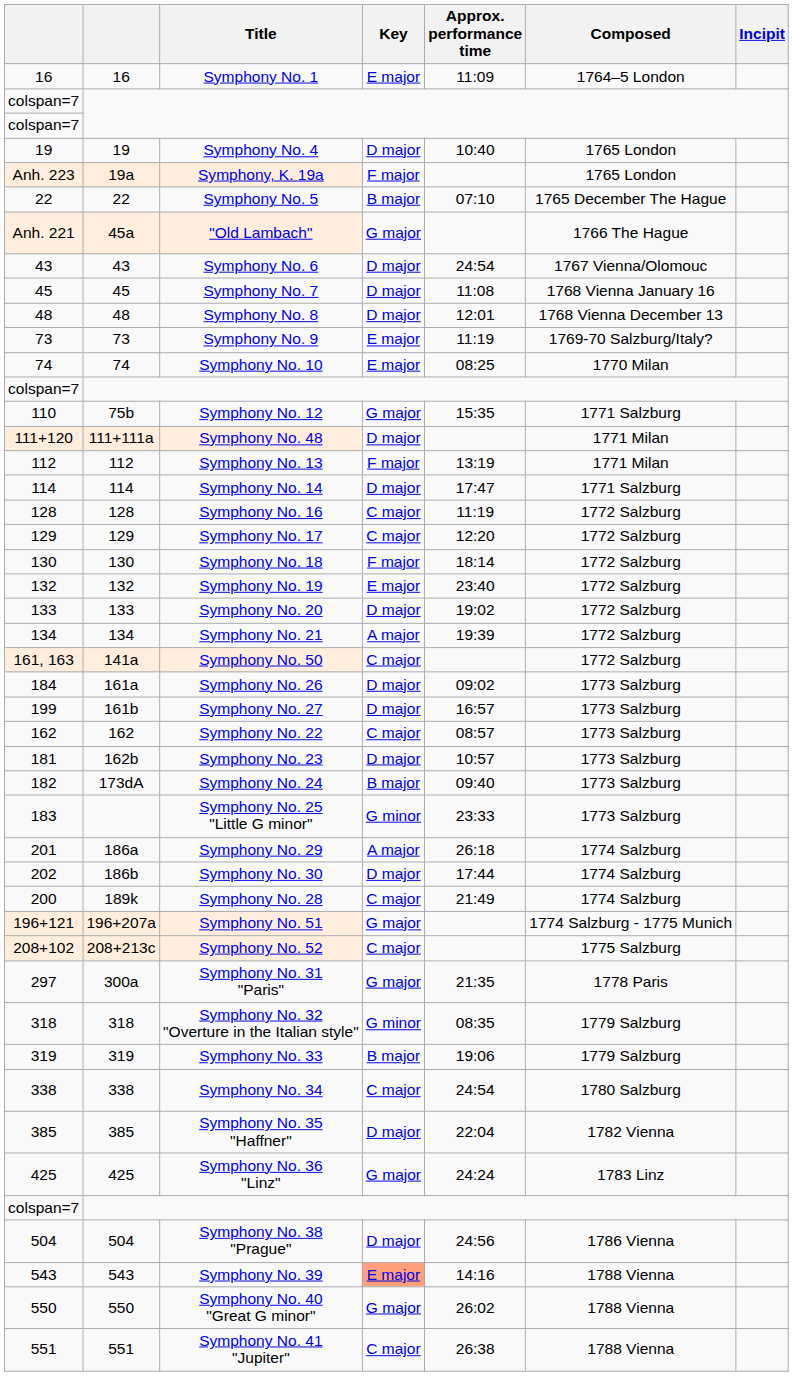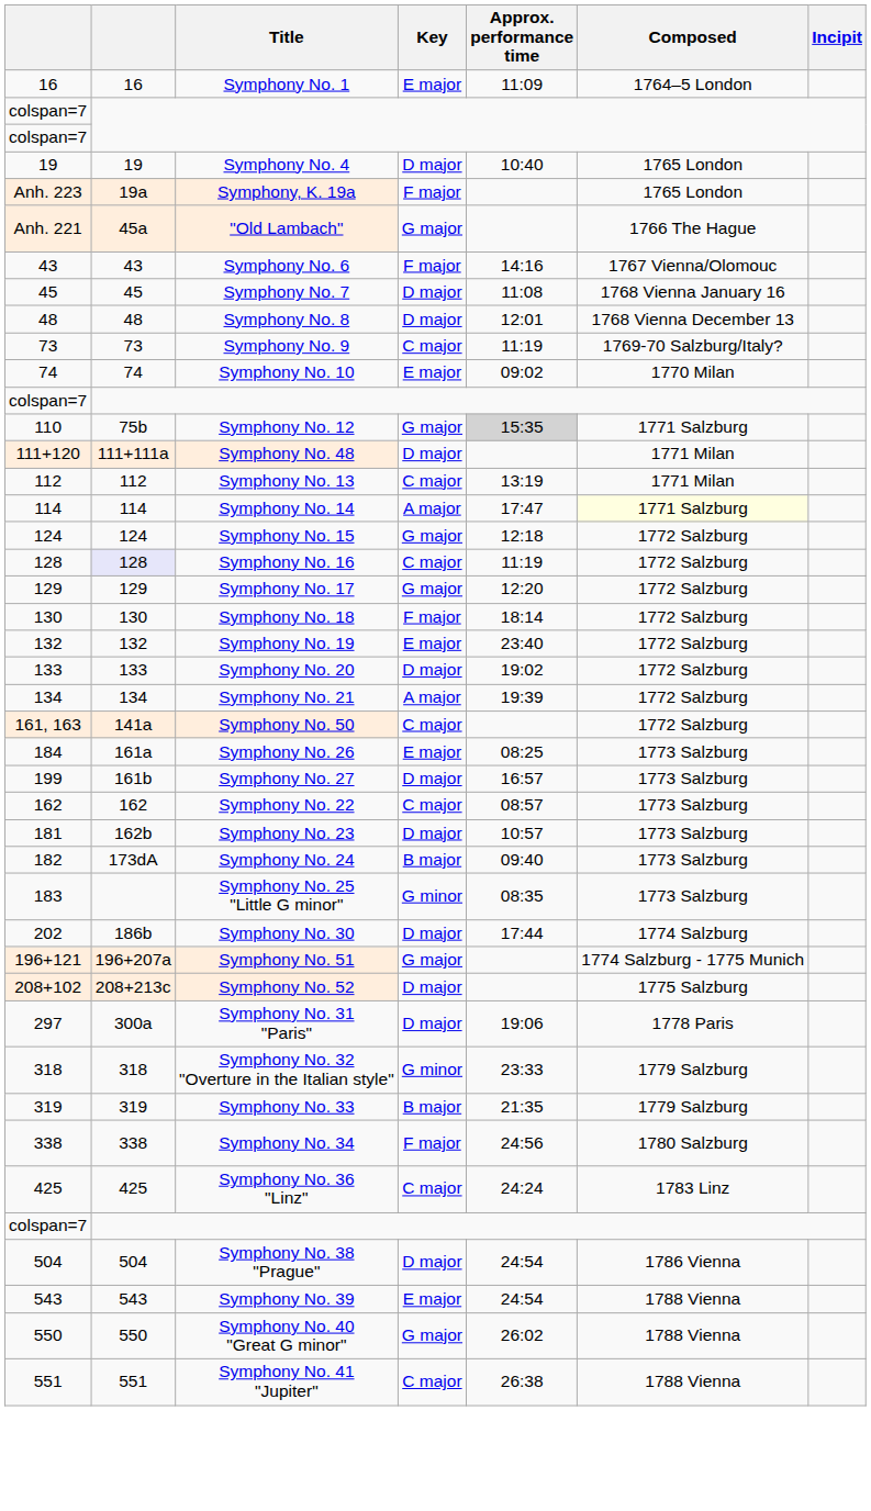 <table class="wikitable sortable">
 <tr>
 <th></th>
 <th></th>
 <th>Title</th>
 <th>Key</th>
 <th>Approx.<br>performance<br>time</th>
 <th>Composed</th>
 <th class=unsortable><a href='#'>Incipit</a></th>
 </tr>
 <tr align=center>
 <td>16</td>
 <td>16</td>
 <td><a href='#'>Symphony No. 1</a></td>
 <td><a href='#'>E major</a></td>
 <td>11:09</td>
 <td>1764–5 London</td>
 <td><br></td>
 </tr>
 <tr align=center>
 <td>colspan=7 </td>
 </tr>
 <tr align=center>
 <td>colspan=7 </td>
 </tr>
 <tr align=center>
 <td>19</td>
 <td>19</td>
 <td><a href='#'>Symphony No. 4</a></td>
 <td><a href='#'>D major</a></td>
 <td>10:40</td>
 <td>1765 London</td>
 <td><br></td>
 </tr>
 <tr align=center>
 <td style="background-color: #FED">Anh. 223</td>
 <td style="background-color: #FED">19a</td>
 <td style="background-color: #FED"><a href='#'>Symphony, K. 19a</a></td>
 <td><a href='#'>F major</a></td>
 <td></td>
 <td>1765 London</td>
 <td><br></td>
 </tr>
 <tr align=center>
-<td>22</td>
-<td>22</td>
-<td><a href='#'>Symphony No. 5</a></td>
-<td><a href='#'>B major</a></td>
-<td>07:10</td>
-<td>1765 December The Hague</td>
-<td><br></td>
-</tr>
-<tr align=center>
 <td style="background-color: #FED">Anh. 221</td>
 <td style="background-color: #FED">45a</td>
 <td style="background-color: #FED"><a href='#'>"Old Lambach"</a></td>
 <td><a href='#'>G major</a></td>
 <td></td>
 <td>1766 The Hague</td>
 <td><br><br></td>
 </tr>
 <tr align=center>
 <td>43</td>
 <td>43</td>
 <td><a href='#'>Symphony No. 6</a></td>
-<td><a href='#'>D major</a></td>
-<td>24:54</td>
+<td><a href='#'>F major</a></td>
+<td>14:16</td>
 <td>1767 Vienna/Olomouc</td>
 <td><br></td>
 </tr>
 <tr align=center>
 <td>45</td>
 <td>45</td>
 <td><a href='#'>Symphony No. 7</a></td>
 <td><a href='#'>D major</a></td>
 <td>11:08</td>
 <td>1768 Vienna January 16</td>
 <td><br></td>
 </tr>
 <tr align=center>
 <td>48</td>
 <td>48</td>
 <td><a href='#'>Symphony No. 8</a></td>
 <td><a href='#'>D major</a></td>
 <td>12:01</td>
 <td>1768 Vienna December 13</td>
 <td><br></td>
 </tr>
 <tr align=center>
 <td>73</td>
 <td>73</td>
 <td><a href='#'>Symphony No. 9</a></td>
-<td><a href='#'>E major</a></td>
+<td><a href='#'>C major</a></td>
 <td>11:19</td>
 <td>1769-70 Salzburg/Italy?</td>
 <td><br></td>
 </tr>
 <tr align=center>
 <td>74</td>
 <td>74</td>
 <td><a href='#'>Symphony No. 10</a></td>
 <td><a href='#'>E major</a></td>
-<td>08:25</td>
+<td>09:02</td>
 <td>1770 Milan</td>
 <td><br></td>
 </tr>
 <tr align=center>
 <td>colspan=7 </td>
 </tr>
 <tr align=center>
 <td>110</td>
 <td>75b</td>
 <td><a href='#'>Symphony No. 12</a></td>
 <td><a href='#'>G major</a></td>
-<td>15:35</td>
+<td style="background: lightgrey;">15:35</td>
 <td>1771 Salzburg</td>
 <td><br></td>
 </tr>
 <tr align=center>
 <td style="background-color: #FED">111+120</td>
 <td style="background-color: #FED">111+111a</td>
 <td style="background-color: #FED"><a href='#'>Symphony No. 48</a><br></td>
 <td><a href='#'>D major</a></td>
 <td></td>
 <td>1771 Milan</td>
 <td><br></td>
 </tr>
 <tr align=center>
 <td>112</td>
 <td>112</td>
 <td><a href='#'>Symphony No. 13</a></td>
-<td><a href='#'>F major</a></td>
+<td><a href='#'>C major</a></td>
 <td>13:19</td>
 <td>1771 Milan</td>
 <td><br></td>
 </tr>
 <tr align=center>
 <td>114</td>
 <td>114</td>
 <td><a href='#'>Symphony No. 14</a></td>
-<td><a href='#'>D major</a></td>
+<td><a href='#'>A major</a></td>
 <td>17:47</td>
-<td>1771 Salzburg</td>
+<td style="background: lightyellow;">1771 Salzburg</td>
+<td><br></td>
+</tr>
+<tr align=center>
+<td>124</td>
+<td>124</td>
+<td><a href='#'>Symphony No. 15</a></td>
+<td><a href='#'>G major</a></td>
+<td>12:18</td>
+<td>1772 Salzburg</td>
 <td><br></td>
 </tr>
 <tr align=center>
 <td>128</td>
-<td>128</td>
+<td style="background: lavender;">128</td>
 <td><a href='#'>Symphony No. 16</a></td>
 <td><a href='#'>C major</a></td>
 <td>11:19</td>
 <td>1772 Salzburg</td>
 <td><br></td>
 </tr>
 <tr align=center>
 <td>129</td>
 <td>129</td>
 <td><a href='#'>Symphony No. 17</a></td>
-<td><a href='#'>C major</a></td>
+<td><a href='#'>G major</a></td>
 <td>12:20</td>
 <td>1772 Salzburg</td>
 <td><br></td>
 </tr>
 <tr align=center>
 <td>130</td>
 <td>130</td>
 <td><a href='#'>Symphony No. 18</a></td>
 <td><a href='#'>F major</a></td>
 <td>18:14</td>
 <td>1772 Salzburg</td>
 <td><br></td>
 </tr>
 <tr align=center>
 <td>132</td>
 <td>132</td>
 <td><a href='#'>Symphony No. 19</a></td>
 <td><a href='#'>E major</a></td>
 <td>23:40</td>
 <td>1772 Salzburg</td>
 <td><br></td>
 </tr>
 <tr align=center>
 <td>133</td>
 <td>133</td>
 <td><a href='#'>Symphony No. 20</a></td>
 <td><a href='#'>D major</a></td>
 <td>19:02</td>
 <td>1772 Salzburg</td>
 <td><br></td>
 </tr>
 <tr align=center>
 <td>134</td>
 <td>134</td>
 <td><a href='#'>Symphony No. 21</a></td>
 <td><a href='#'>A major</a></td>
 <td>19:39</td>
 <td>1772 Salzburg</td>
 <td><br></td>
 </tr>
 <tr align=center>
 <td style="background-color: #FED">161, 163</td>
 <td style="background-color: #FED">141a</td>
 <td style="background-color: #FED"><a href='#'>Symphony No. 50</a></td>
 <td><a href='#'>C major</a></td>
 <td></td>
 <td>1772 Salzburg</td>
 <td><br></td>
 </tr>
 <tr align=center>
 <td>184</td>
 <td>161a</td>
 <td><a href='#'>Symphony No. 26</a></td>
-<td><a href='#'>D major</a></td>
-<td>09:02</td>
+<td><a href='#'>E major</a></td>
+<td>08:25</td>
 <td>1773 Salzburg</td>
 <td><br></td>
 </tr>
 <tr align=center>
 <td>199</td>
 <td>161b</td>
 <td><a href='#'>Symphony No. 27</a></td>
 <td><a href='#'>D major</a></td>
 <td>16:57</td>
 <td>1773 Salzburg</td>
 <td><br></td>
 </tr>
 <tr align=center>
 <td>162</td>
 <td>162</td>
 <td><a href='#'>Symphony No. 22</a></td>
 <td><a href='#'>C major</a></td>
 <td>08:57</td>
 <td>1773 Salzburg</td>
 <td><br></td>
 </tr>
 <tr align=center>
 <td>181</td>
 <td>162b</td>
 <td><a href='#'>Symphony No. 23</a></td>
 <td><a href='#'>D major</a></td>
 <td>10:57</td>
 <td>1773 Salzburg</td>
 <td><br></td>
 </tr>
 <tr align=center>
 <td>182</td>
 <td>173dA</td>
 <td><a href='#'>Symphony No. 24</a></td>
 <td><a href='#'>B major</a></td>
 <td>09:40</td>
 <td>1773 Salzburg</td>
 <td><br></td>
 </tr>
 <tr align=center>
 <td>183</td>
 <td></td>
 <td><a href='#'>Symphony No. 25</a><br>"Little G minor"</td>
 <td><a href='#'>G minor</a></td>
-<td>23:33</td>
+<td>08:35</td>
 <td>1773 Salzburg</td>
-<td><br></td>
-</tr>
-<tr align=center>
-<td>201</td>
-<td>186a</td>
-<td><a href='#'>Symphony No. 29</a></td>
-<td><a href='#'>A major</a></td>
-<td>26:18</td>
-<td>1774 Salzburg</td>
 <td><br></td>
 </tr>
 <tr align=center>
 <td>202</td>
 <td>186b</td>
 <td><a href='#'>Symphony No. 30</a></td>
 <td><a href='#'>D major</a></td>
 <td>17:44</td>
-<td>1774 Salzburg</td>
-<td><br></td>
-</tr>
-<tr align=center>
-<td>200</td>
-<td>189k</td>
-<td><a href='#'>Symphony No. 28</a></td>
-<td><a href='#'>C major</a></td>
-<td>21:49</td>
 <td>1774 Salzburg</td>
 <td><br></td>
 </tr>
 <tr align=center>
 <td style="background-color: #FED">196+121</td>
 <td style="background-color: #FED">196+207a</td>
 <td style="background-color: #FED"><a href='#'>Symphony No. 51</a></td>
 <td><a href='#'>G major</a></td>
 <td></td>
 <td>1774 Salzburg - 1775 Munich</td>
 <td><br></td>
 </tr>
 <tr align=center>
 <td style="background-color: #FED">208+102</td>
 <td style="background-color: #FED">208+213c</td>
 <td style="background-color: #FED"><a href='#'>Symphony No. 52</a></td>
-<td><a href='#'>C major</a></td>
+<td><a href='#'>D major</a></td>
 <td></td>
 <td>1775 Salzburg</td>
 <td><br></td>
 </tr>
 <tr align=center>
 <td>297</td>
 <td>300a</td>
 <td><a href='#'>Symphony No. 31</a><br>"Paris"</td>
-<td><a href='#'>G major</a></td>
-<td>21:35</td>
+<td><a href='#'>D major</a></td>
+<td>19:06</td>
 <td>1778 Paris</td>
 <td><br></td>
 </tr>
 <tr align=center>
 <td>318</td>
 <td>318</td>
 <td><a href='#'>Symphony No. 32</a><br>"Overture in the Italian style"</td>
 <td><a href='#'>G minor</a></td>
-<td>08:35</td>
+<td>23:33</td>
 <td>1779 Salzburg</td>
 <td><br></td>
 </tr>
 <tr align=center>
 <td>319</td>
 <td>319</td>
 <td><a href='#'>Symphony No. 33</a></td>
 <td><a href='#'>B major</a></td>
-<td>19:06</td>
+<td>21:35</td>
 <td>1779 Salzburg</td>
 <td><br></td>
 </tr>
 <tr align=center>
 <td>338</td>
 <td>338</td>
 <td><a href='#'>Symphony No. 34</a></td>
-<td><a href='#'>C major</a></td>
-<td>24:54</td>
+<td><a href='#'>F major</a></td>
+<td>24:56</td>
 <td>1780 Salzburg</td>
 <td><br><br></td>
-</tr>
-<tr align=center>
-<td>385</td>
-<td>385</td>
-<td><a href='#'>Symphony No. 35</a><br>"Haffner"</td>
-<td><a href='#'>D major</a></td>
-<td>22:04</td>
-<td>1782 Vienna</td>
-<td><br></td>
 </tr>
 <tr align=center>
 <td>425</td>
 <td>425</td>
 <td><a href='#'>Symphony No. 36</a><br>"Linz"</td>
-<td><a href='#'>G major</a></td>
+<td><a href='#'>C major</a></td>
 <td>24:24</td>
 <td>1783 Linz</td>
 <td><br></td>
 </tr>
 <tr align=center>
 <td>colspan=7 </td>
 </tr>
 <tr align=center>
 <td>504</td>
 <td>504</td>
 <td><a href='#'>Symphony No. 38</a><br>"Prague"</td>
 <td><a href='#'>D major</a></td>
-<td>24:56</td>
+<td>24:54</td>
 <td>1786 Vienna</td>
 <td><br></td>
 </tr>
 <tr align=center>
 <td>543</td>
 <td>543</td>
 <td><a href='#'>Symphony No. 39</a></td>
-<td style="background: lightsalmon;"><a href='#'>E major</a></td>
-<td>14:16</td>
+<td><a href='#'>E major</a></td>
+<td>24:54</td>
 <td>1788 Vienna</td>
 <td><br></td>
 </tr>
 <tr align=center>
 <td>550</td>
 <td>550</td>
 <td><a href='#'>Symphony No. 40</a><br>"Great G minor"</td>
 <td><a href='#'>G major</a></td>
 <td>26:02</td>
 <td>1788 Vienna</td>
 <td><br><br></td>
 </tr>
 <tr align=center>
 <td>551</td>
 <td>551</td>
 <td><a href='#'>Symphony No. 41</a><br>"Jupiter"</td>
 <td><a href='#'>C major</a></td>
 <td>26:38</td>
 <td>1788 Vienna</td>
 <td><br></td>
 </tr>
 </table>
